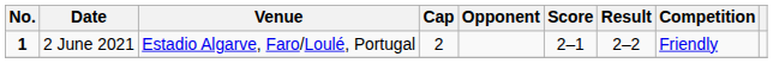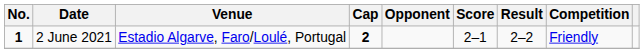 <table class="wikitable">
 <tr>
 <th>No.</th>
 <th>Date</th>
 <th>Venue</th>
 <th>Cap</th>
 <th>Opponent</th>
 <th>Score</th>
 <th>Result</th>
 <th>Competition</th>
 <th class=unsortable></th>
 </tr>
 <tr>
 <td align="center"><strong>1</strong></td>
 <td>2 June 2021</td>
 <td><a href='#'>Estadio Algarve</a>, <a href='#'>Faro</a>/<a href='#'>Loulé</a>, Portugal</td>
-<td align="center">2</td>
+<td align="center"><strong>2</strong></td>
 <td></td>
 <td align="center">2–1</td>
 <td align="center">2–2</td>
 <td><a href='#'>Friendly</a></td>
 <td align="center"></td>
 </tr>
 <tr>
 </tr>
 </table>
